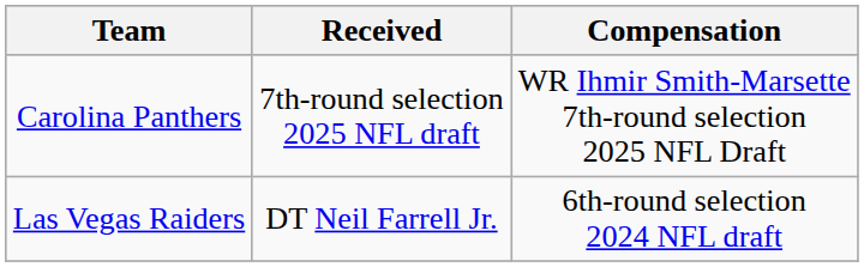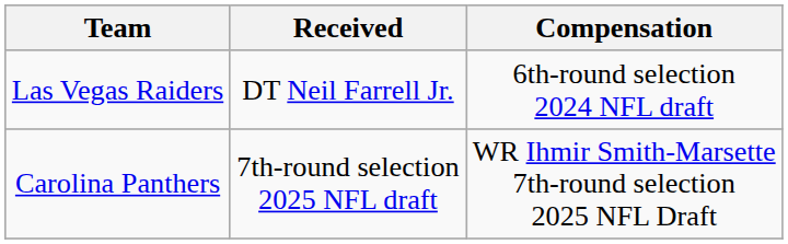 <table class="wikitable" style="text-align:center">
 <tr>
 <th>Team</th>
 <th>Received</th>
 <th>Compensation</th>
 </tr>
 <tr>
+<td><a href='#'>Las Vegas Raiders</a></td>
+<td>DT <a href='#'>Neil Farrell Jr.</a></td>
+<td>6th-round selection<br><a href='#'>2024 NFL draft</a></td>
+</tr>
+<tr>
 <td><a href='#'>Carolina Panthers</a></td>
 <td>7th-round selection<br><a href='#'>2025 NFL draft</a></td>
 <td>WR <a href='#'>Ihmir Smith-Marsette</a><br>7th-round selection<br>2025 NFL Draft</td>
 </tr>
-<tr>
-<td><a href='#'>Las Vegas Raiders</a></td>
-<td>DT <a href='#'>Neil Farrell Jr.</a></td>
-<td>6th-round selection<br><a href='#'>2024 NFL draft</a></td>
-</tr>
 </table>
